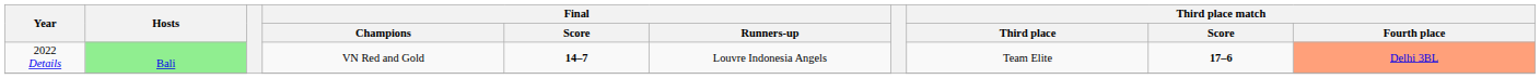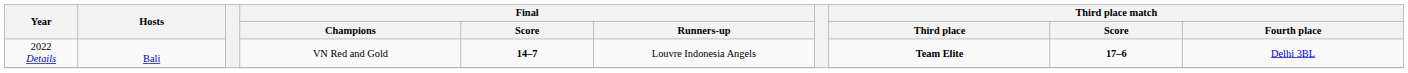 <table class="wikitable" style="font-size:90%; width: 98%; text-align: center;">
 <tr>
 <th rowspan=2 width=5%>Year</th>
 <th rowspan=2 width=10%>Hosts</th>
 <th width=1% rowspan=9 bgcolor=ffffff></th>
 <th colspan=3>Final</th>
 <th width=1% rowspan=9 bgcolor=ffffff></th>
 <th colspan=3>Third place match</th>
 </tr>
 <tr>
 <th width=15%>Champions</th>
 <th width=9%>Score</th>
 <th width=15%>Runners-up</th>
 <th width=15%>Third place</th>
 <th width=9%>Score</th>
 <th width=15%>Fourth place</th>
 </tr>
 <tr>
 <td>2022<br><em><a href='#'>Details</a></em></td>
-<td style="background: lightgreen;"><br><a href='#'>Bali</a></td>
+<td><br><a href='#'>Bali</a></td>
 <td> VN Red and Gold</td>
 <td><strong>14–7</strong></td>
 <td> Louvre Indonesia Angels</td>
-<td> Team Elite</td>
+<td><strong> Team Elite</strong></td>
 <td><strong>17–6</strong></td>
-<td style="background: lightsalmon;"> <a href='#'>Delhi 3BL</a></td>
+<td> <a href='#'>Delhi 3BL</a></td>
 </tr>
 <tr>
 </tr>
 </table>
